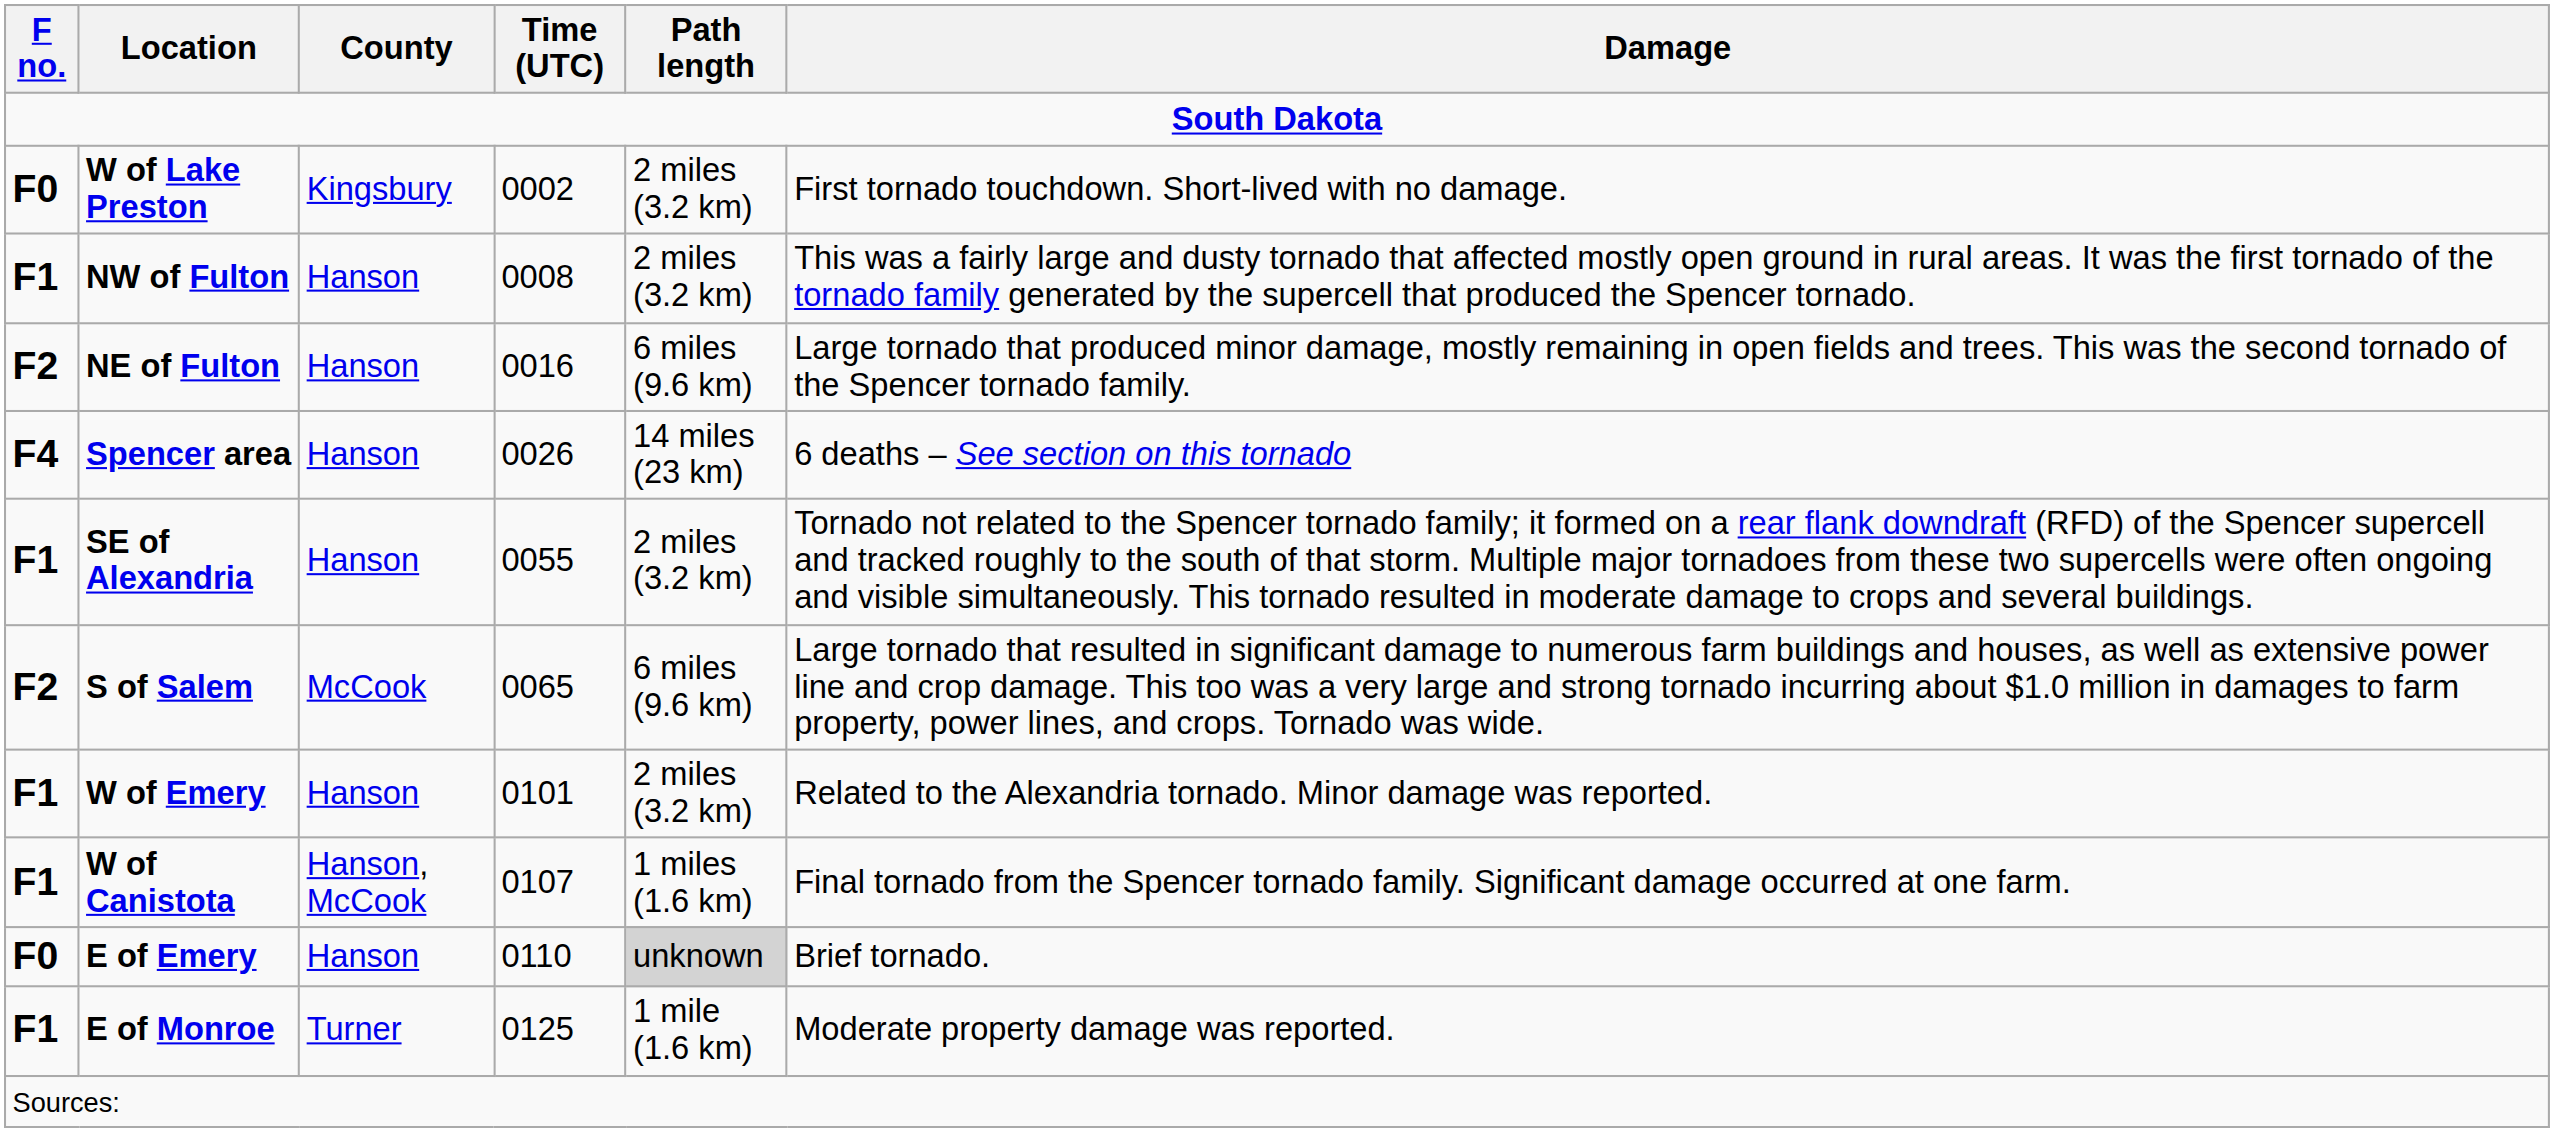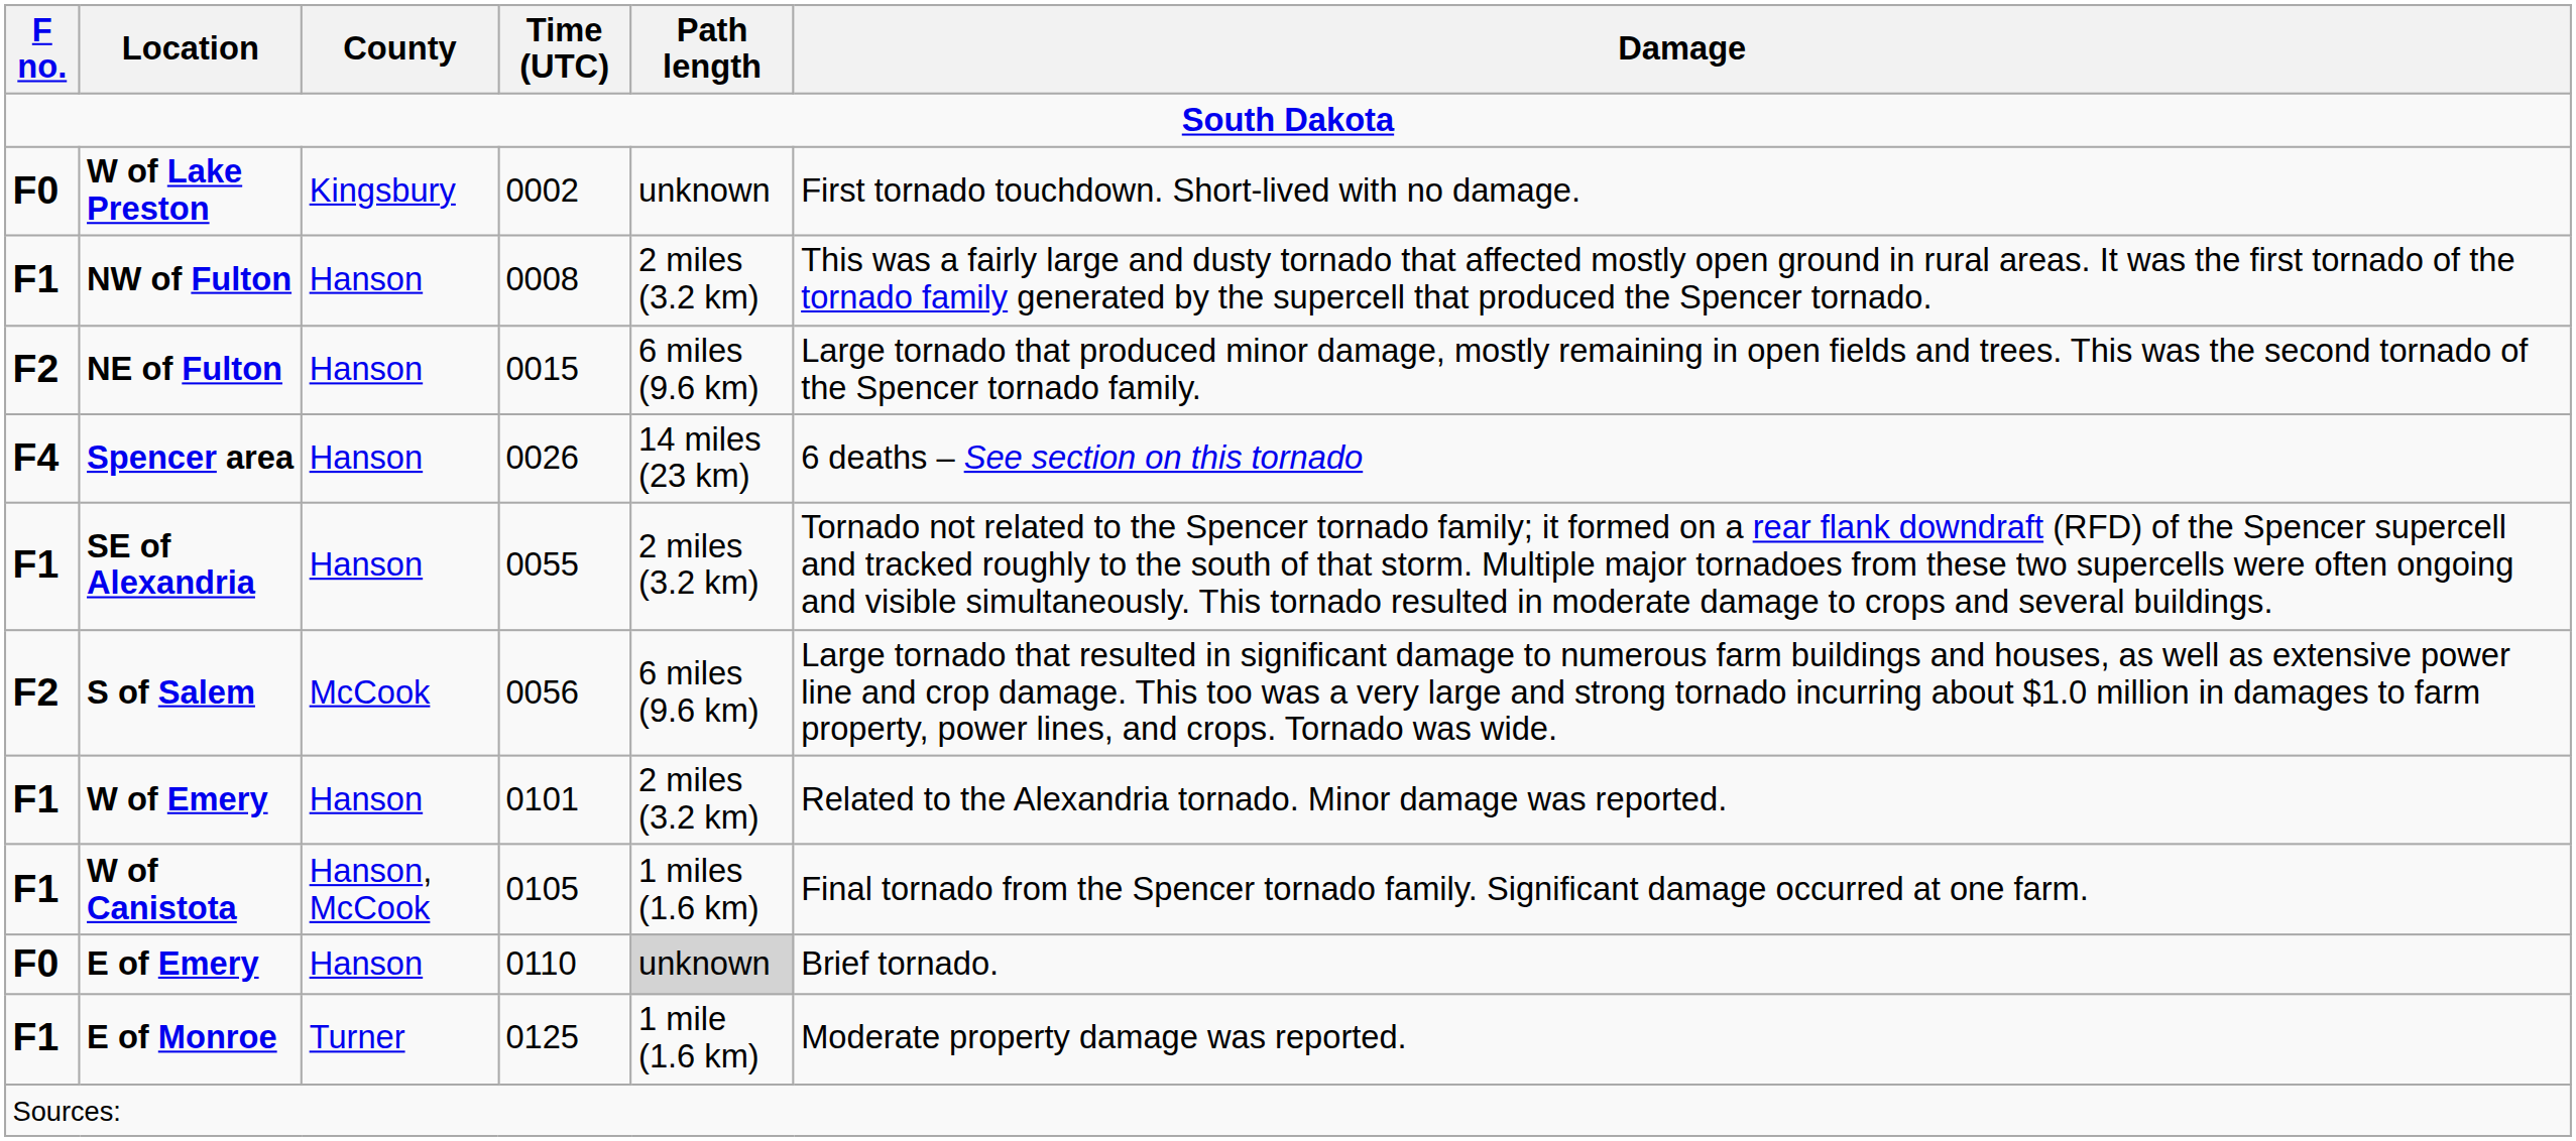 <table class="wikitable">
 <tr>
 <th><a href='#'>F no.</a></th>
 <th>Location</th>
 <th>County</th>
 <th>Time (UTC)</th>
 <th>Path length</th>
 <th>Damage</th>
 </tr>
 <tr>
 <td colspan="7" align=center><strong><a href='#'>South Dakota</a></strong></td>
 </tr>
 <tr>
 <td><big><strong>F0</strong></big></td>
 <td><strong>W of <a href='#'>Lake Preston</a></strong></td>
 <td><a href='#'>Kingsbury</a></td>
 <td>0002</td>
-<td>2 miles <br>(3.2 km)</td>
+<td>unknown</td>
 <td>First tornado touchdown. Short-lived with no damage.</td>
 </tr>
 <tr>
 <td><big><strong>F1</strong></big></td>
 <td><strong>NW of <a href='#'>Fulton</a></strong></td>
 <td><a href='#'>Hanson</a></td>
 <td>0008</td>
 <td>2 miles <br>(3.2 km)</td>
 <td>This was a fairly large and dusty tornado that affected mostly open ground in rural areas. It was the first tornado of the <a href='#'>tornado family</a> generated by the supercell that produced the Spencer tornado.</td>
 </tr>
 <tr>
 <td><big><strong>F2</strong></big></td>
 <td><strong>NE of <a href='#'>Fulton</a></strong></td>
 <td><a href='#'>Hanson</a></td>
-<td>0016</td>
+<td>0015</td>
 <td>6 miles <br>(9.6 km)</td>
 <td>Large tornado that produced minor damage, mostly remaining in open fields and trees. This was the second tornado of the Spencer tornado family.</td>
 </tr>
 <tr>
 <td><big><strong>F4</strong></big></td>
 <td><strong><a href='#'>Spencer</a> area</strong></td>
 <td><a href='#'>Hanson</a></td>
 <td>0026</td>
 <td>14 miles <br>(23 km)</td>
 <td>6 deaths – <em><a href='#'>See section on this tornado</a></em></td>
 </tr>
 <tr>
 <td><big><strong>F1</strong></big></td>
 <td><strong>SE of <a href='#'>Alexandria</a></strong></td>
 <td><a href='#'>Hanson</a></td>
 <td>0055</td>
 <td>2 miles <br>(3.2 km)</td>
 <td>Tornado not related to the Spencer tornado family; it formed on a <a href='#'>rear flank downdraft</a> (RFD) of the Spencer supercell and tracked roughly to the south of that storm. Multiple major tornadoes from these two supercells were often ongoing and visible simultaneously. This tornado resulted in moderate damage to crops and several buildings.</td>
 </tr>
 <tr>
 <td><big><strong>F2</strong></big></td>
 <td><strong>S of <a href='#'>Salem</a></strong></td>
 <td><a href='#'>McCook</a></td>
-<td>0065</td>
+<td>0056</td>
 <td>6 miles <br>(9.6 km)</td>
 <td>Large tornado that resulted in significant damage to numerous farm buildings and houses, as well as extensive power line and crop damage. This too was a very large and strong tornado incurring about $1.0 million in damages to farm property, power lines, and crops. Tornado was  wide.</td>
 </tr>
 <tr>
 <td><big><strong>F1</strong></big></td>
 <td><strong>W of <a href='#'>Emery</a></strong></td>
 <td><a href='#'>Hanson</a></td>
 <td>0101</td>
 <td>2 miles <br>(3.2 km)</td>
 <td>Related to the Alexandria tornado. Minor damage was reported.</td>
 </tr>
 <tr>
 <td><big><strong>F1</strong></big></td>
 <td><strong>W of <a href='#'>Canistota</a></strong></td>
 <td><a href='#'>Hanson</a>, <a href='#'>McCook</a></td>
-<td>0107</td>
+<td>0105</td>
 <td>1 miles <br>(1.6 km)</td>
 <td>Final tornado from the Spencer tornado family. Significant damage occurred at one farm.</td>
 </tr>
 <tr>
 <td><big><strong>F0</strong></big></td>
 <td><strong>E of <a href='#'>Emery</a></strong></td>
 <td><a href='#'>Hanson</a></td>
 <td>0110</td>
 <td style="background: lightgrey;">unknown</td>
 <td>Brief tornado.</td>
 </tr>
 <tr>
 <td><big><strong>F1</strong></big></td>
 <td><strong>E of <a href='#'>Monroe</a></strong></td>
 <td><a href='#'>Turner</a></td>
 <td>0125</td>
 <td>1 mile <br>(1.6 km)</td>
 <td>Moderate property damage was reported.</td>
 </tr>
 <tr>
 <td colspan="7"><small>Sources: </small></td>
 </tr>
 </table>
